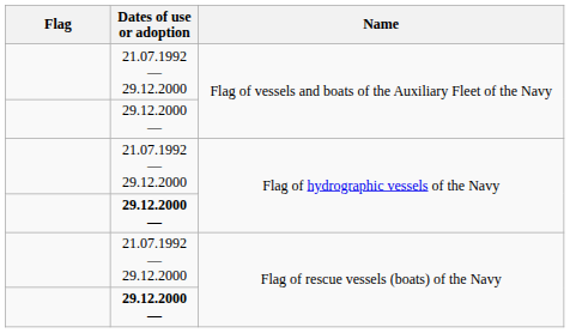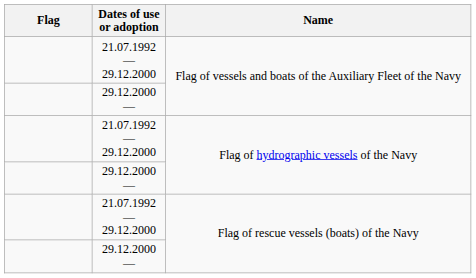 <table class="wikitable">
 <tr>
 <th width="110">Flag</th>
 <th width="90">Dates of use or adoption</th>
 <th width="400">Name</th>
 </tr>
 <tr style="text-align:center;">
 <td></td>
 <td>21.07.1992 — 29.12.2000</td>
 <td rowspan=2>Flag of vessels and boats of the Auxiliary Fleet of the Navy</td>
 </tr>
 <tr style="text-align:center;">
 <td></td>
 <td>29.12.2000 —</td>
 </tr>
 <tr style="text-align:center;">
 <td></td>
 <td>21.07.1992 — 29.12.2000</td>
 <td rowspan=2>Flag of <a href='#'>hydrographic vessels</a> of the Navy</td>
 </tr>
 <tr style="text-align:center;">
 <td></td>
-<td><strong>29.12.2000 —</strong></td>
+<td>29.12.2000 —</td>
 </tr>
 <tr style="text-align:center;">
 <td></td>
 <td>21.07.1992 — 29.12.2000</td>
 <td rowspan=2>Flag of rescue vessels (boats) of the Navy</td>
 </tr>
 <tr style="text-align:center;">
 <td></td>
-<td><strong>29.12.2000 —</strong></td>
+<td>29.12.2000 —</td>
 </tr>
 </table>
